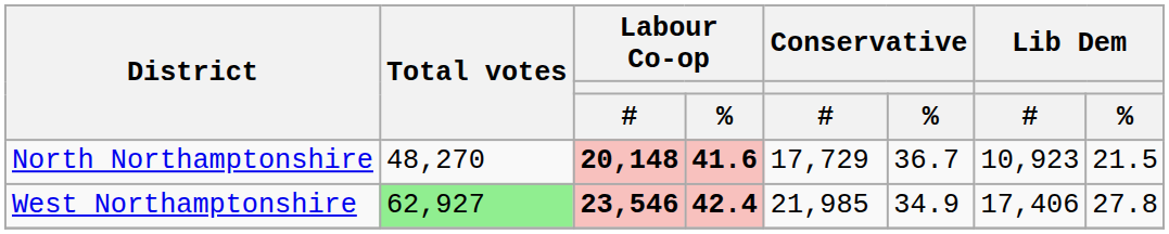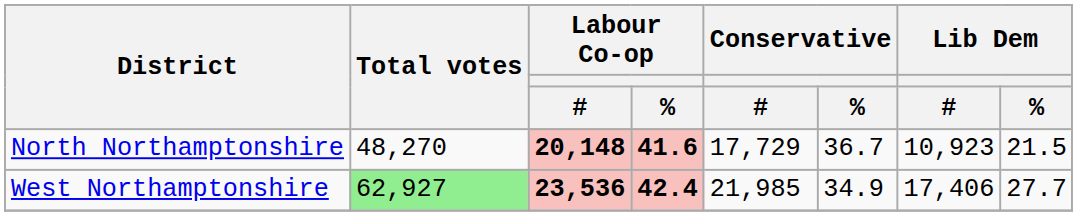 <table class="wikitable sortable">
 <tr>
 <th rowspan=3>District</th>
 <th rowspan=3>Total votes</th>
 <th colspan="2">Labour<br>Co-op</th>
 <th colspan="2">Conservative</th>
 <th colspan="2">Lib Dem</th>
 </tr>
 <tr>
 <th colspan="2" style="background:"></th>
 <th colspan="2" style="background:"></th>
 <th colspan="2" style="background:"></th>
 </tr>
 <tr>
 <th>#</th>
 <th>%</th>
 <th>#</th>
 <th>%</th>
 <th>#</th>
 <th>%</th>
 </tr>
 <tr>
 <td><a href='#'>North Northamptonshire</a></td>
 <td>48,270</td>
 <td style="background:#F8C1BE;"><strong>20,148</strong></td>
 <td style="background:#F8C1BE;"><strong>41.6</strong></td>
 <td>17,729</td>
 <td>36.7</td>
 <td>10,923</td>
 <td>21.5</td>
 </tr>
 <tr>
 <td><a href='#'>West Northamptonshire</a></td>
 <td style="background: lightgreen;">62,927</td>
-<td style="background:#F8C1BE;"><strong>23,546</strong></td>
+<td style="background:#F8C1BE;"><strong>23,536</strong></td>
 <td style="background:#F8C1BE;"><strong>42.4</strong></td>
 <td>21,985</td>
 <td>34.9</td>
 <td>17,406</td>
-<td>27.8</td>
+<td>27.7</td>
 </tr>
 <tr>
 </tr>
 </table>
